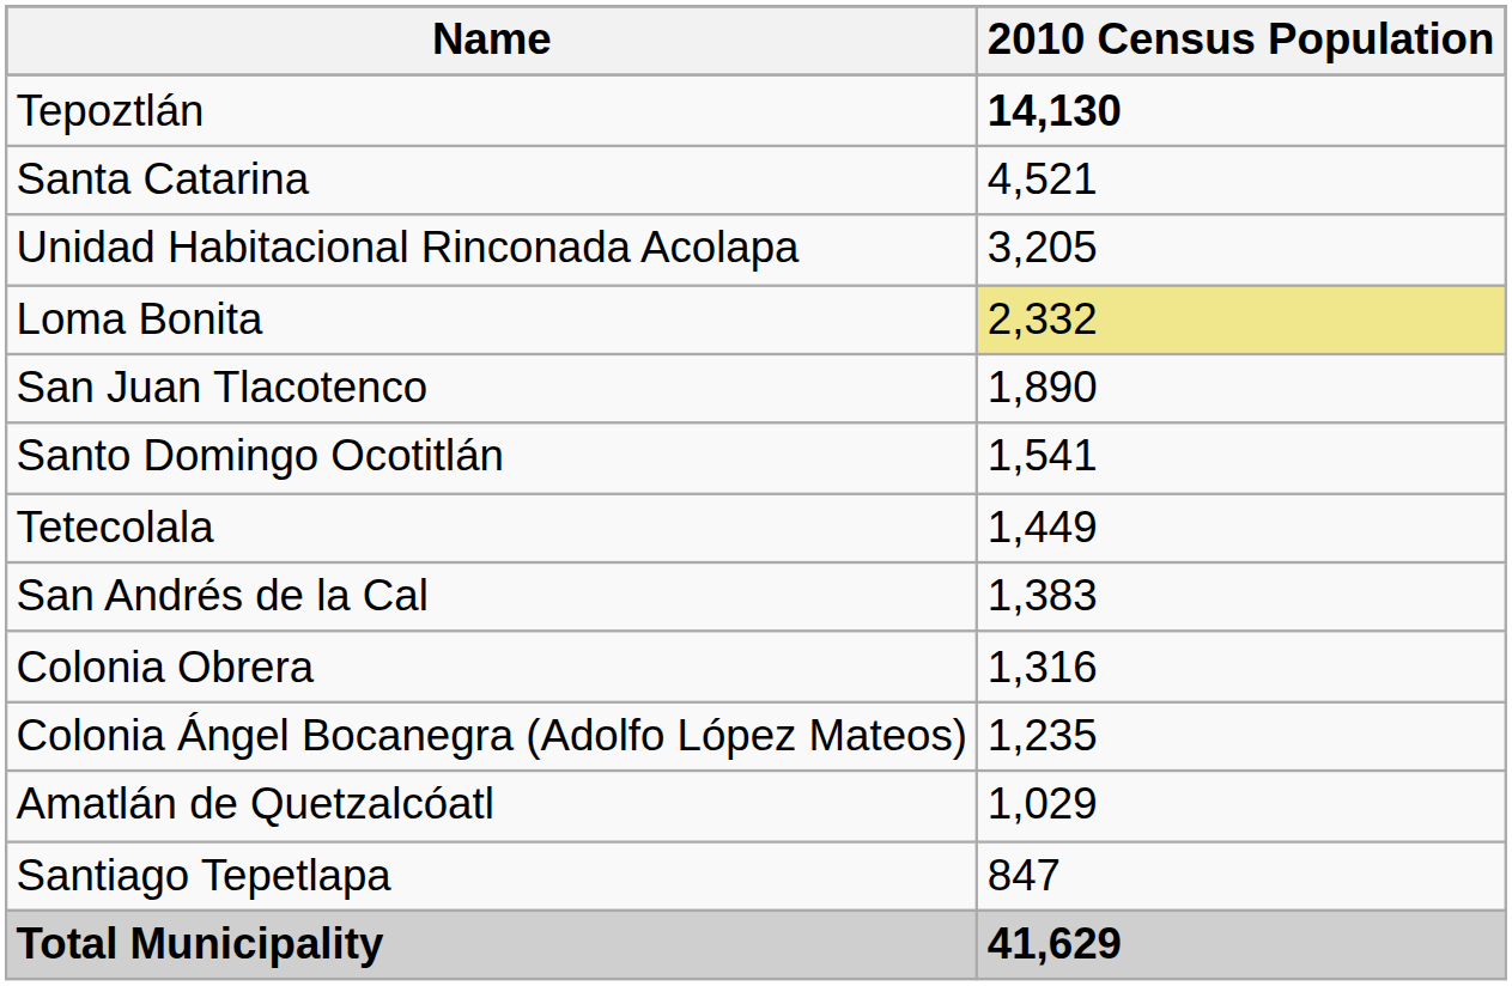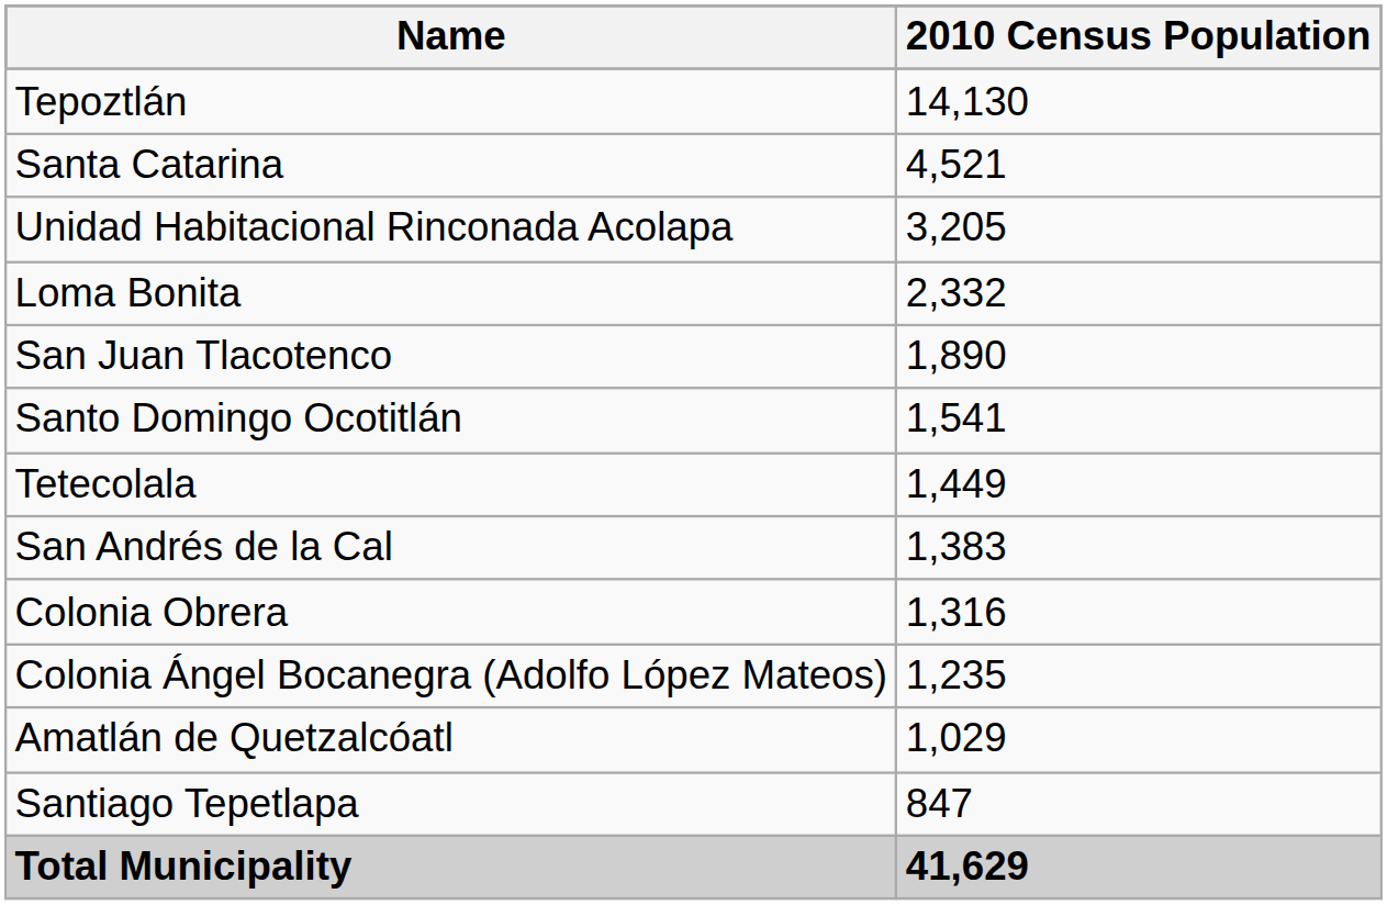 <table class="wikitable">
 <tr style="background:#000000; color:black;">
 <th><strong>Name</strong></th>
 <th><strong>2010 Census Population</strong></th>
 </tr>
 <tr>
 <td>Tepoztlán</td>
-<td><strong>14,130</strong></td>
+<td>14,130</td>
 </tr>
 <tr>
 <td>Santa Catarina</td>
 <td>4,521</td>
 </tr>
 <tr>
 <td>Unidad Habitacional Rinconada Acolapa</td>
 <td>3,205</td>
 </tr>
 <tr>
 <td>Loma Bonita</td>
-<td style="background: khaki;">2,332</td>
+<td>2,332</td>
 </tr>
 <tr>
 <td>San Juan Tlacotenco</td>
 <td>1,890</td>
 </tr>
 <tr>
 <td>Santo Domingo Ocotitlán</td>
 <td>1,541</td>
 </tr>
 <tr>
 <td>Tetecolala</td>
 <td>1,449</td>
 </tr>
 <tr>
 <td>San Andrés de la Cal</td>
 <td>1,383</td>
 </tr>
 <tr>
 <td>Colonia Obrera</td>
 <td>1,316</td>
 </tr>
 <tr>
 <td>Colonia Ángel Bocanegra (Adolfo López Mateos)</td>
 <td>1,235</td>
 </tr>
 <tr>
 <td>Amatlán de Quetzalcóatl</td>
 <td>1,029</td>
 </tr>
 <tr>
 <td>Santiago Tepetlapa</td>
 <td>847</td>
 </tr>
 <tr style="background:#CFCFCF;">
 <td><strong>Total Municipality</strong></td>
 <td><strong>41,629</strong></td>
 </tr>
 </table>
